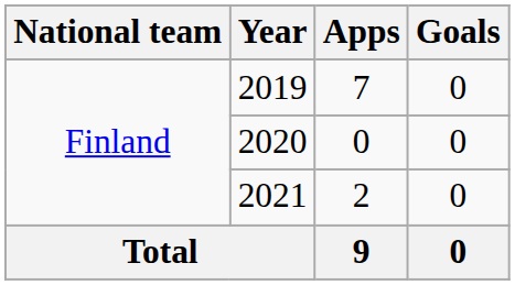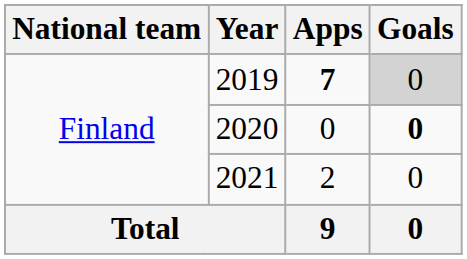 <table class="wikitable" style="text-align:center">
 <tr>
 <th>National team</th>
 <th>Year</th>
 <th>Apps</th>
 <th>Goals</th>
 </tr>
 <tr>
 <td rowspan="3"><a href='#'>Finland</a></td>
 <td>2019</td>
-<td>7</td>
-<td>0</td>
+<td><strong>7</strong></td>
+<td style="background: lightgrey;">0</td>
 </tr>
 <tr>
 <td>2020</td>
 <td>0</td>
-<td>0</td>
+<td><strong>0</strong></td>
 </tr>
 <tr>
 <td>2021</td>
 <td>2</td>
 <td>0</td>
 </tr>
 <tr>
 <th colspan="2">Total</th>
 <th>9</th>
 <th>0</th>
 </tr>
 </table>
